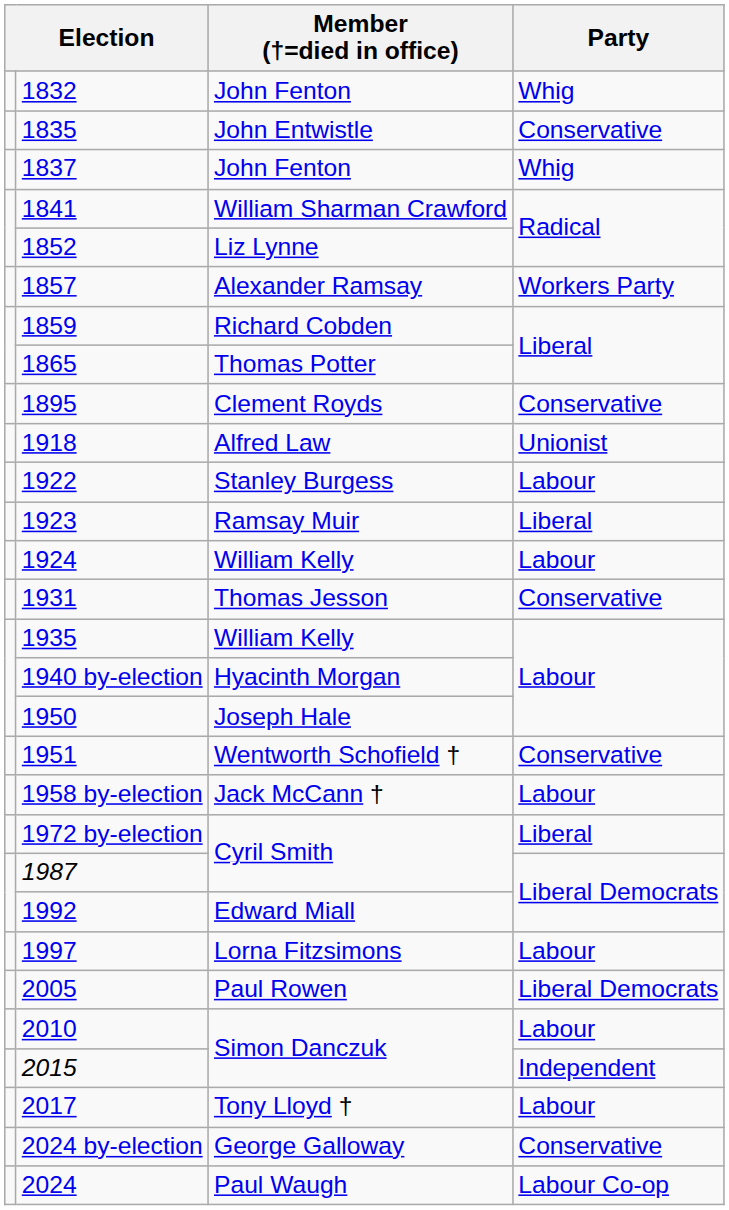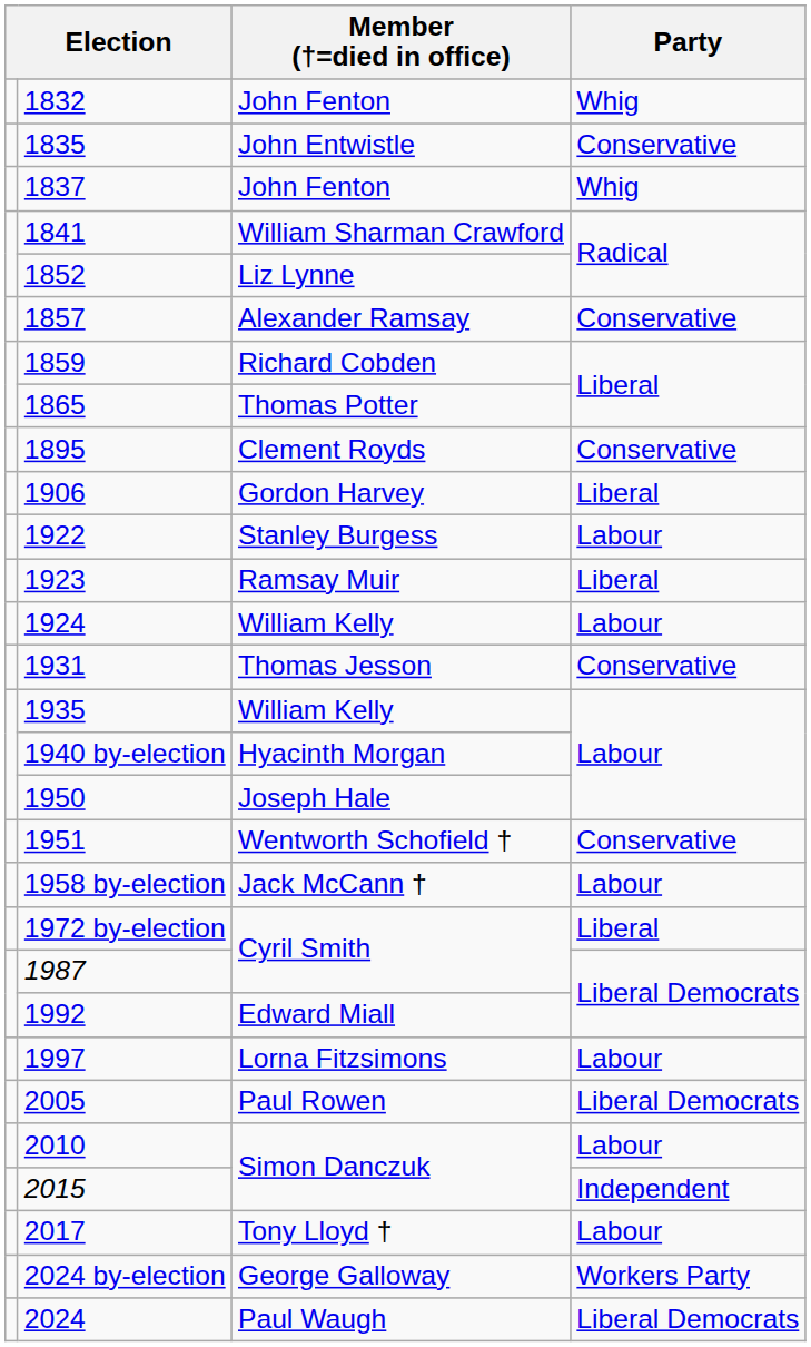 <table class="wikitable">
 <tr>
 <th colspan=2>Election</th>
 <th>Member<br>(†=died in office)</th>
 <th>Party</th>
 </tr>
 <tr>
 <td style="color:inherit;background-color: "></td>
 <td><a href='#'>1832</a></td>
 <td><a href='#'>John Fenton</a></td>
 <td><a href='#'>Whig</a></td>
 </tr>
 <tr>
 <td style="color:inherit;background-color: "></td>
 <td><a href='#'>1835</a></td>
 <td><a href='#'>John Entwistle</a></td>
 <td><a href='#'>Conservative</a></td>
 </tr>
 <tr>
 <td style="color:inherit;background-color: "></td>
 <td><a href='#'>1837</a></td>
 <td><a href='#'>John Fenton</a></td>
 <td><a href='#'>Whig</a></td>
 </tr>
 <tr>
 <td rowspan="2" style="color:inherit;background-color: "></td>
 <td><a href='#'>1841</a></td>
 <td><a href='#'>William Sharman Crawford</a></td>
 <td rowspan="2"><a href='#'>Radical</a></td>
 </tr>
 <tr>
 <td><a href='#'>1852</a></td>
 <td><a href='#'>Liz Lynne</a></td>
 </tr>
 <tr>
 <td style="color:inherit;background-color: "></td>
 <td><a href='#'>1857</a></td>
 <td><a href='#'>Alexander Ramsay</a></td>
-<td><a href='#'>Workers Party</a></td>
+<td><a href='#'>Conservative</a></td>
 </tr>
 <tr>
 <td rowspan="2" style="color:inherit;background-color: "></td>
 <td><a href='#'>1859</a></td>
 <td><a href='#'>Richard Cobden</a></td>
 <td rowspan="2"><a href='#'>Liberal</a></td>
 </tr>
 <tr>
 <td><a href='#'>1865</a></td>
 <td><a href='#'>Thomas Potter</a></td>
 </tr>
 <tr>
 <td style="color:inherit;background-color: "></td>
 <td><a href='#'>1895</a></td>
 <td><a href='#'>Clement Royds</a></td>
 <td><a href='#'>Conservative</a></td>
 </tr>
 <tr>
 <td style="color:inherit;background-color: "></td>
-<td><a href='#'>1918</a></td>
-<td><a href='#'>Alfred Law</a></td>
-<td><a href='#'>Unionist</a></td>
+<td><a href='#'>1906</a></td>
+<td><a href='#'>Gordon Harvey</a></td>
+<td><a href='#'>Liberal</a></td>
 </tr>
 <tr>
 <td style="color:inherit;background-color: "></td>
 <td><a href='#'>1922</a></td>
 <td><a href='#'>Stanley Burgess</a></td>
 <td><a href='#'>Labour</a></td>
 </tr>
 <tr>
 <td style="color:inherit;background-color: "></td>
 <td><a href='#'>1923</a></td>
 <td><a href='#'>Ramsay Muir</a></td>
 <td><a href='#'>Liberal</a></td>
 </tr>
 <tr>
 <td style="color:inherit;background-color: "></td>
 <td><a href='#'>1924</a></td>
 <td><a href='#'>William Kelly</a></td>
 <td><a href='#'>Labour</a></td>
 </tr>
 <tr>
 <td style="color:inherit;background-color: "></td>
 <td><a href='#'>1931</a></td>
 <td><a href='#'>Thomas Jesson</a></td>
 <td><a href='#'>Conservative</a></td>
 </tr>
 <tr>
 <td rowspan="3" style="color:inherit;background-color: "></td>
 <td><a href='#'>1935</a></td>
 <td><a href='#'>William Kelly</a></td>
 <td rowspan="3"><a href='#'>Labour</a></td>
 </tr>
 <tr>
 <td><a href='#'>1940 by-election</a></td>
 <td><a href='#'>Hyacinth Morgan</a></td>
 </tr>
 <tr>
 <td><a href='#'>1950</a></td>
 <td><a href='#'>Joseph Hale</a></td>
 </tr>
 <tr>
 <td style="color:inherit;background-color: "></td>
 <td><a href='#'>1951</a></td>
 <td><a href='#'>Wentworth Schofield</a> †</td>
 <td><a href='#'>Conservative</a></td>
 </tr>
 <tr>
 <td style="color:inherit;background-color: "></td>
 <td><a href='#'>1958 by-election</a></td>
 <td><a href='#'>Jack McCann</a> †</td>
 <td><a href='#'>Labour</a></td>
 </tr>
 <tr>
 <td style="color:inherit;background-color: "></td>
 <td><a href='#'>1972 by-election</a></td>
 <td rowspan=2><a href='#'>Cyril Smith</a></td>
 <td><a href='#'>Liberal</a></td>
 </tr>
 <tr>
 <td rowspan="2" style="color:inherit;background-color: "></td>
 <td><em>1987</em></td>
 <td rowspan="2"><a href='#'>Liberal Democrats</a></td>
 </tr>
 <tr>
 <td><a href='#'>1992</a></td>
 <td><a href='#'>Edward Miall</a></td>
 </tr>
 <tr>
 <td style="color:inherit;background-color: "></td>
 <td><a href='#'>1997</a></td>
 <td><a href='#'>Lorna Fitzsimons</a></td>
 <td><a href='#'>Labour</a></td>
 </tr>
 <tr>
 <td style="color:inherit;background-color: "></td>
 <td><a href='#'>2005</a></td>
 <td><a href='#'>Paul Rowen</a></td>
 <td><a href='#'>Liberal Democrats</a></td>
 </tr>
 <tr>
 <td style="color:inherit;background-color: "></td>
 <td><a href='#'>2010</a></td>
 <td rowspan=2><a href='#'>Simon Danczuk</a></td>
 <td><a href='#'>Labour</a></td>
 </tr>
 <tr>
 <td style="color:inherit;background-color: "></td>
 <td><em>2015</em></td>
 <td><a href='#'>Independent</a></td>
 </tr>
 <tr>
 <td style="color:inherit;background-color: "></td>
 <td><a href='#'>2017</a></td>
 <td><a href='#'>Tony Lloyd</a> †</td>
 <td><a href='#'>Labour</a></td>
 </tr>
 <tr>
 <td style="color:inherit;background-color: "></td>
 <td><a href='#'>2024 by-election</a></td>
 <td><a href='#'>George Galloway</a></td>
-<td><a href='#'>Conservative</a></td>
+<td><a href='#'>Workers Party</a></td>
 </tr>
 <tr>
 <td style="color:inherit;background-color: "></td>
 <td><a href='#'>2024</a></td>
 <td><a href='#'>Paul Waugh</a></td>
-<td><a href='#'>Labour Co-op</a></td>
+<td><a href='#'>Liberal Democrats</a></td>
 </tr>
 </table>
